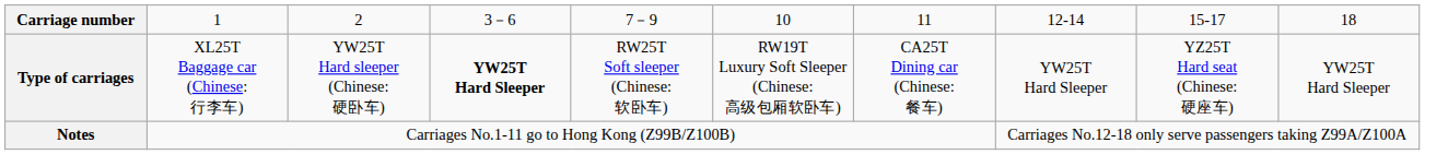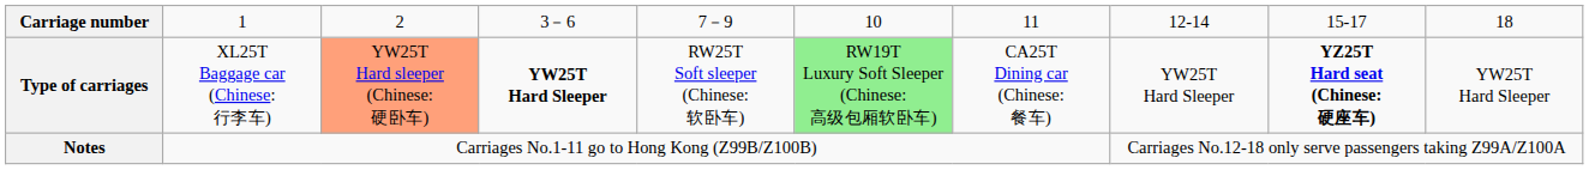 <table class="wikitable" style="text-align: center; font-size: small;">
 <tr>
 <th>Carriage number</th>
 <td>1</td>
 <td>2</td>
 <td>3－6</td>
 <td>7－9</td>
 <td>10</td>
 <td>11</td>
 <td>12-14</td>
 <td>15-17</td>
 <td>18</td>
 </tr>
 <tr>
 <th style="width: 10%;">Type of carriages</th>
 <td style="width: 10%;">XL25T<br><a href='#'>Baggage car</a><br>(<a href='#'>Chinese</a>:<br>行李车)</td>
-<td style="width: 10%;">YW25T<br><a href='#'>Hard sleeper</a><br>(Chinese:<br>硬卧车)</td>
+<td style="background: lightsalmon; width: 10%;">YW25T<br><a href='#'>Hard sleeper</a><br>(Chinese:<br>硬卧车)</td>
 <td style="width: 10%;"><strong>YW25T<br>Hard Sleeper</strong></td>
 <td style="width: 10%;">RW25T<br><a href='#'>Soft sleeper</a><br>(Chinese:<br>软卧车)</td>
-<td style="width: 10%;">RW19T<br>Luxury Soft Sleeper<br>(Chinese:<br>高级包厢软卧车)</td>
+<td style="background: lightgreen; width: 10%;">RW19T<br>Luxury Soft Sleeper<br>(Chinese:<br>高级包厢软卧车)</td>
 <td style="width: 10%;">CA25T<br><a href='#'>Dining car</a><br>(Chinese:<br>餐车)</td>
 <td style="width: 10%;">YW25T<br>Hard Sleeper<br></td>
-<td style="width: 10%;">YZ25T<br><a href='#'>Hard seat</a><br>(Chinese:<br>硬座车)</td>
+<td style="width: 10%;"><strong>YZ25T<br><a href='#'>Hard seat</a><br>(Chinese:<br>硬座车)</strong></td>
 <td style="width: 10%;">YW25T<br>Hard Sleeper</td>
 </tr>
 <tr>
 <th>Notes</th>
 <td colspan=6>Carriages No.1-11 go to Hong Kong (Z99B/Z100B)</td>
 <td colspan=3>Carriages No.12-18 only serve passengers taking Z99A/Z100A</td>
 </tr>
 </table>
